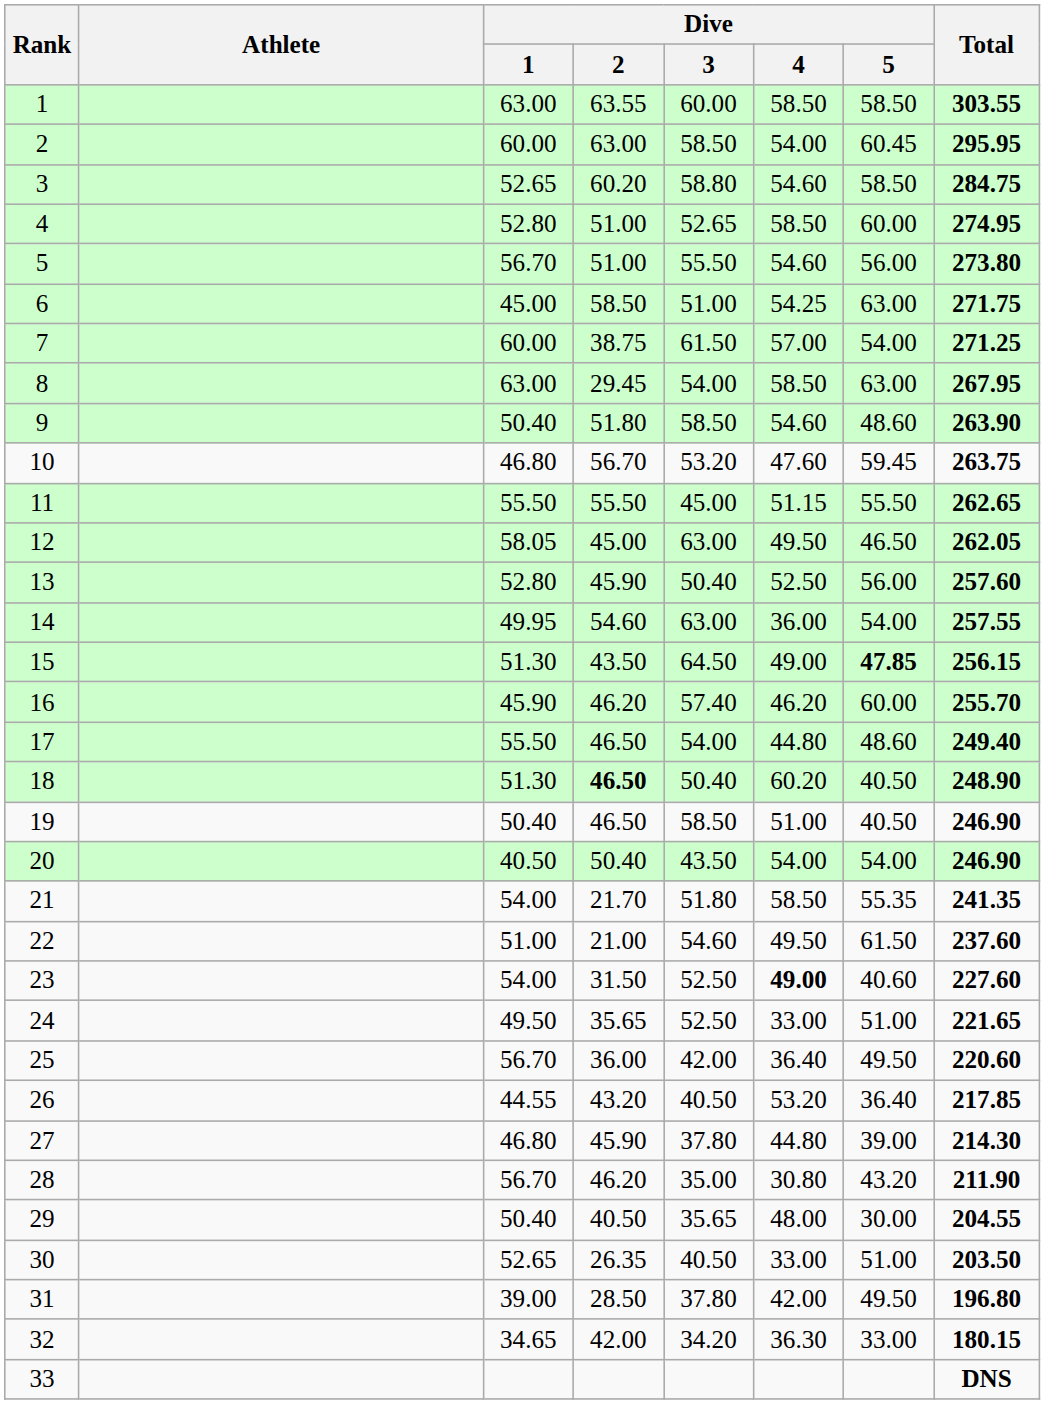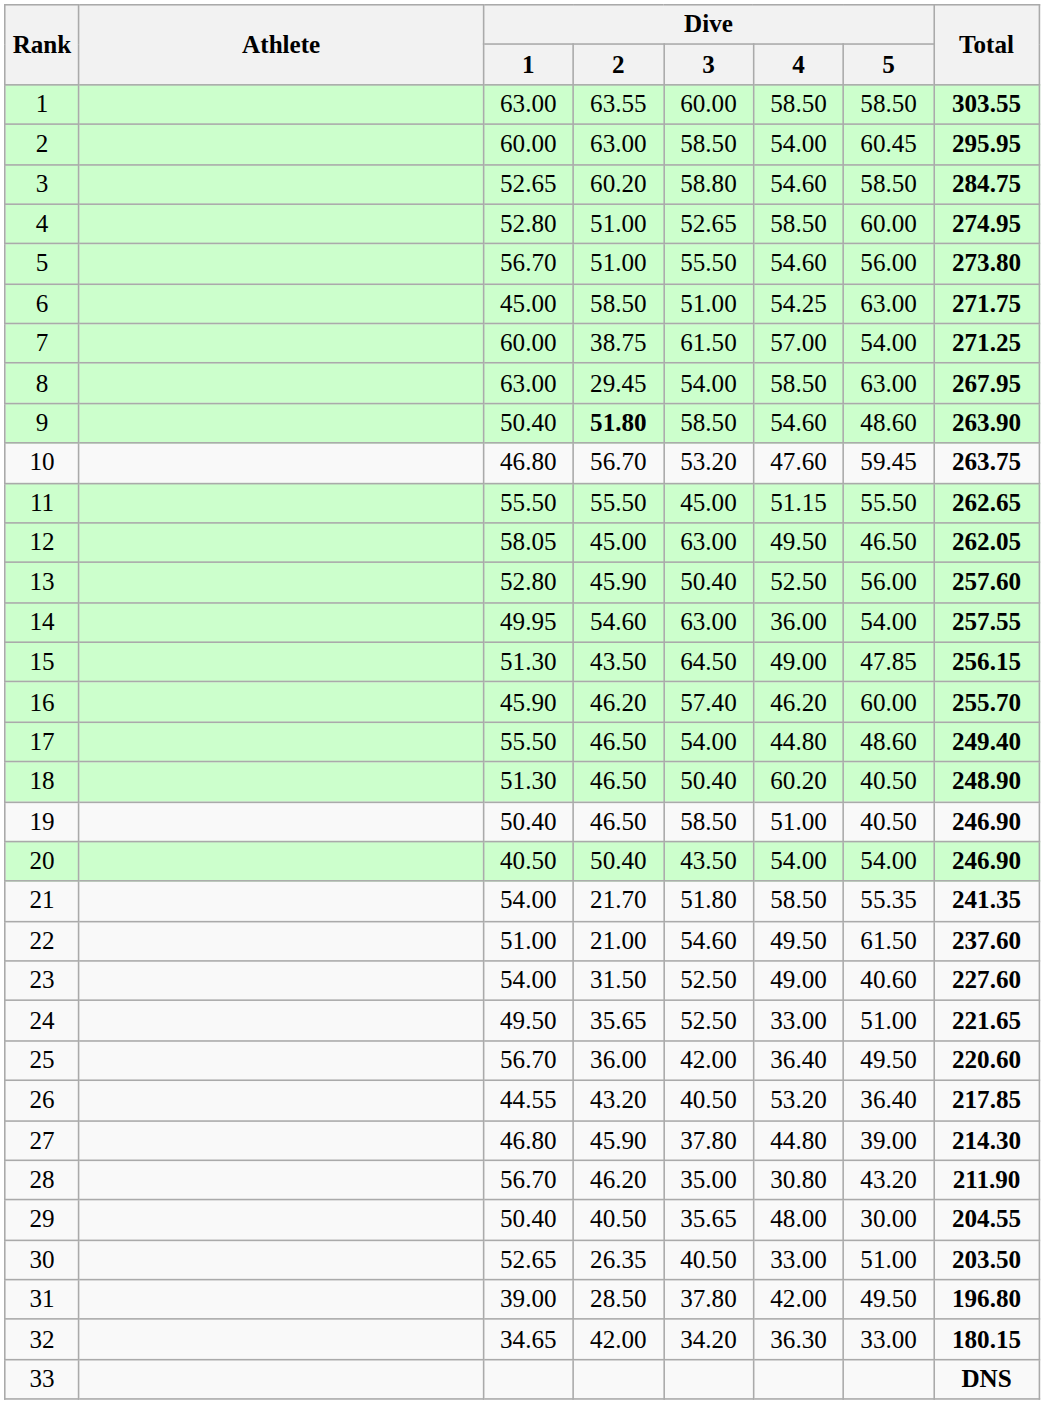 <table class="wikitable" style="text-align:center">
 <tr>
 <th rowspan="2" width="40">Rank</th>
 <th rowspan="2" width="250">Athlete</th>
 <th colspan="5">Dive</th>
 <th rowspan="2" width="60">Total</th>
 </tr>
 <tr>
 <th width="50">1</th>
 <th width="50">2</th>
 <th width="50">3</th>
 <th width="50">4</th>
 <th width="50">5</th>
 </tr>
 <tr bgcolor="ccffcc">
 <td>1</td>
 <td align="left"></td>
 <td>63.00</td>
 <td>63.55</td>
 <td>60.00</td>
 <td>58.50</td>
 <td>58.50</td>
 <td><strong>303.55</strong></td>
 </tr>
 <tr bgcolor="ccffcc">
 <td>2</td>
 <td align="left"></td>
 <td>60.00</td>
 <td>63.00</td>
 <td>58.50</td>
 <td>54.00</td>
 <td>60.45</td>
 <td><strong>295.95</strong></td>
 </tr>
 <tr bgcolor="ccffcc">
 <td>3</td>
 <td align="left"></td>
 <td>52.65</td>
 <td>60.20</td>
 <td>58.80</td>
 <td>54.60</td>
 <td>58.50</td>
 <td><strong>284.75</strong></td>
 </tr>
 <tr bgcolor="ccffcc">
 <td>4</td>
 <td align="left"></td>
 <td>52.80</td>
 <td>51.00</td>
 <td>52.65</td>
 <td>58.50</td>
 <td>60.00</td>
 <td><strong>274.95</strong></td>
 </tr>
 <tr bgcolor="ccffcc">
 <td>5</td>
 <td align="left"></td>
 <td>56.70</td>
 <td>51.00</td>
 <td>55.50</td>
 <td>54.60</td>
 <td>56.00</td>
 <td><strong>273.80</strong></td>
 </tr>
 <tr bgcolor="ccffcc">
 <td>6</td>
 <td align="left"></td>
 <td>45.00</td>
 <td>58.50</td>
 <td>51.00</td>
 <td>54.25</td>
 <td>63.00</td>
 <td><strong>271.75</strong></td>
 </tr>
 <tr bgcolor="ccffcc">
 <td>7</td>
 <td align="left"></td>
 <td>60.00</td>
 <td>38.75</td>
 <td>61.50</td>
 <td>57.00</td>
 <td>54.00</td>
 <td><strong>271.25</strong></td>
 </tr>
 <tr bgcolor="ccffcc">
 <td>8</td>
 <td align="left"></td>
 <td>63.00</td>
 <td>29.45</td>
 <td>54.00</td>
 <td>58.50</td>
 <td>63.00</td>
 <td><strong>267.95</strong></td>
 </tr>
 <tr bgcolor="ccffcc">
 <td>9</td>
 <td align="left"></td>
 <td>50.40</td>
-<td>51.80</td>
+<td><strong>51.80</strong></td>
 <td>58.50</td>
 <td>54.60</td>
 <td>48.60</td>
 <td><strong>263.90</strong></td>
 </tr>
 <tr>
 <td>10</td>
 <td align="left"></td>
 <td>46.80</td>
 <td>56.70</td>
 <td>53.20</td>
 <td>47.60</td>
 <td>59.45</td>
 <td><strong>263.75</strong></td>
 </tr>
 <tr bgcolor="ccffcc">
 <td>11</td>
 <td align="left"></td>
 <td>55.50</td>
 <td>55.50</td>
 <td>45.00</td>
 <td>51.15</td>
 <td>55.50</td>
 <td><strong>262.65</strong></td>
 </tr>
 <tr bgcolor="ccffcc">
 <td>12</td>
 <td align="left"></td>
 <td>58.05</td>
 <td>45.00</td>
 <td>63.00</td>
 <td>49.50</td>
 <td>46.50</td>
 <td><strong>262.05</strong></td>
 </tr>
 <tr bgcolor="ccffcc">
 <td>13</td>
 <td align="left"></td>
 <td>52.80</td>
 <td>45.90</td>
 <td>50.40</td>
 <td>52.50</td>
 <td>56.00</td>
 <td><strong>257.60</strong></td>
 </tr>
 <tr bgcolor="ccffcc">
 <td>14</td>
 <td align="left"></td>
 <td>49.95</td>
 <td>54.60</td>
 <td>63.00</td>
 <td>36.00</td>
 <td>54.00</td>
 <td><strong>257.55</strong></td>
 </tr>
 <tr bgcolor="ccffcc">
 <td>15</td>
 <td align="left"></td>
 <td>51.30</td>
 <td>43.50</td>
 <td>64.50</td>
 <td>49.00</td>
-<td><strong>47.85</strong></td>
+<td>47.85</td>
 <td><strong>256.15</strong></td>
 </tr>
 <tr bgcolor="ccffcc">
 <td>16</td>
 <td align="left"></td>
 <td>45.90</td>
 <td>46.20</td>
 <td>57.40</td>
 <td>46.20</td>
 <td>60.00</td>
 <td><strong>255.70</strong></td>
 </tr>
 <tr bgcolor="ccffcc">
 <td>17</td>
 <td align="left"></td>
 <td>55.50</td>
 <td>46.50</td>
 <td>54.00</td>
 <td>44.80</td>
 <td>48.60</td>
 <td><strong>249.40</strong></td>
 </tr>
 <tr bgcolor="ccffcc">
 <td>18</td>
 <td align="left"></td>
 <td>51.30</td>
-<td><strong>46.50</strong></td>
+<td>46.50</td>
 <td>50.40</td>
 <td>60.20</td>
 <td>40.50</td>
 <td><strong>248.90</strong></td>
 </tr>
 <tr>
 <td>19</td>
 <td align="left"></td>
 <td>50.40</td>
 <td>46.50</td>
 <td>58.50</td>
 <td>51.00</td>
 <td>40.50</td>
 <td><strong>246.90</strong></td>
 </tr>
 <tr bgcolor="ccffcc">
 <td>20</td>
 <td align="left"></td>
 <td>40.50</td>
 <td>50.40</td>
 <td>43.50</td>
 <td>54.00</td>
 <td>54.00</td>
 <td><strong>246.90</strong></td>
 </tr>
 <tr>
 <td>21</td>
 <td align="left"></td>
 <td>54.00</td>
 <td>21.70</td>
 <td>51.80</td>
 <td>58.50</td>
 <td>55.35</td>
 <td><strong>241.35</strong></td>
 </tr>
 <tr>
 <td>22</td>
 <td align="left"></td>
 <td>51.00</td>
 <td>21.00</td>
 <td>54.60</td>
 <td>49.50</td>
 <td>61.50</td>
 <td><strong>237.60</strong></td>
 </tr>
 <tr>
 <td>23</td>
 <td align="left"></td>
 <td>54.00</td>
 <td>31.50</td>
 <td>52.50</td>
-<td><strong>49.00</strong></td>
+<td>49.00</td>
 <td>40.60</td>
 <td><strong>227.60</strong></td>
 </tr>
 <tr>
 <td>24</td>
 <td align="left"></td>
 <td>49.50</td>
 <td>35.65</td>
 <td>52.50</td>
 <td>33.00</td>
 <td>51.00</td>
 <td><strong>221.65</strong></td>
 </tr>
 <tr>
 <td>25</td>
 <td align="left"></td>
 <td>56.70</td>
 <td>36.00</td>
 <td>42.00</td>
 <td>36.40</td>
 <td>49.50</td>
 <td><strong>220.60</strong></td>
 </tr>
 <tr>
 <td>26</td>
 <td align="left"></td>
 <td>44.55</td>
 <td>43.20</td>
 <td>40.50</td>
 <td>53.20</td>
 <td>36.40</td>
 <td><strong>217.85</strong></td>
 </tr>
 <tr>
 <td>27</td>
 <td align="left"></td>
 <td>46.80</td>
 <td>45.90</td>
 <td>37.80</td>
 <td>44.80</td>
 <td>39.00</td>
 <td><strong>214.30</strong></td>
 </tr>
 <tr>
 <td>28</td>
 <td align="left"></td>
 <td>56.70</td>
 <td>46.20</td>
 <td>35.00</td>
 <td>30.80</td>
 <td>43.20</td>
 <td><strong>211.90</strong></td>
 </tr>
 <tr>
 <td>29</td>
 <td align="left"></td>
 <td>50.40</td>
 <td>40.50</td>
 <td>35.65</td>
 <td>48.00</td>
 <td>30.00</td>
 <td><strong>204.55</strong></td>
 </tr>
 <tr>
 <td>30</td>
 <td align="left"></td>
 <td>52.65</td>
 <td>26.35</td>
 <td>40.50</td>
 <td>33.00</td>
 <td>51.00</td>
 <td><strong>203.50</strong></td>
 </tr>
 <tr>
 <td>31</td>
 <td align="left"></td>
 <td>39.00</td>
 <td>28.50</td>
 <td>37.80</td>
 <td>42.00</td>
 <td>49.50</td>
 <td><strong>196.80</strong></td>
 </tr>
 <tr>
 <td>32</td>
 <td align="left"></td>
 <td>34.65</td>
 <td>42.00</td>
 <td>34.20</td>
 <td>36.30</td>
 <td>33.00</td>
 <td><strong>180.15</strong></td>
 </tr>
 <tr>
 <td>33</td>
 <td align="left"></td>
 <td></td>
 <td></td>
 <td></td>
 <td></td>
 <td></td>
 <td><strong>DNS</strong></td>
 </tr>
 </table>
